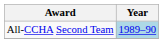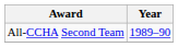 <table class="wikitable">
 <tr>
 <th>Award</th>
 <th>Year</th>
 </tr>
 <tr>
 <td>All-<a href='#'>CCHA</a> <a href='#'>Second Team</a></td>
-<td style="background: lightblue;"><a href='#'>1989–90</a></td>
+<td><a href='#'>1989–90</a></td>
 </tr>
 <tr>
 </tr>
 </table>
